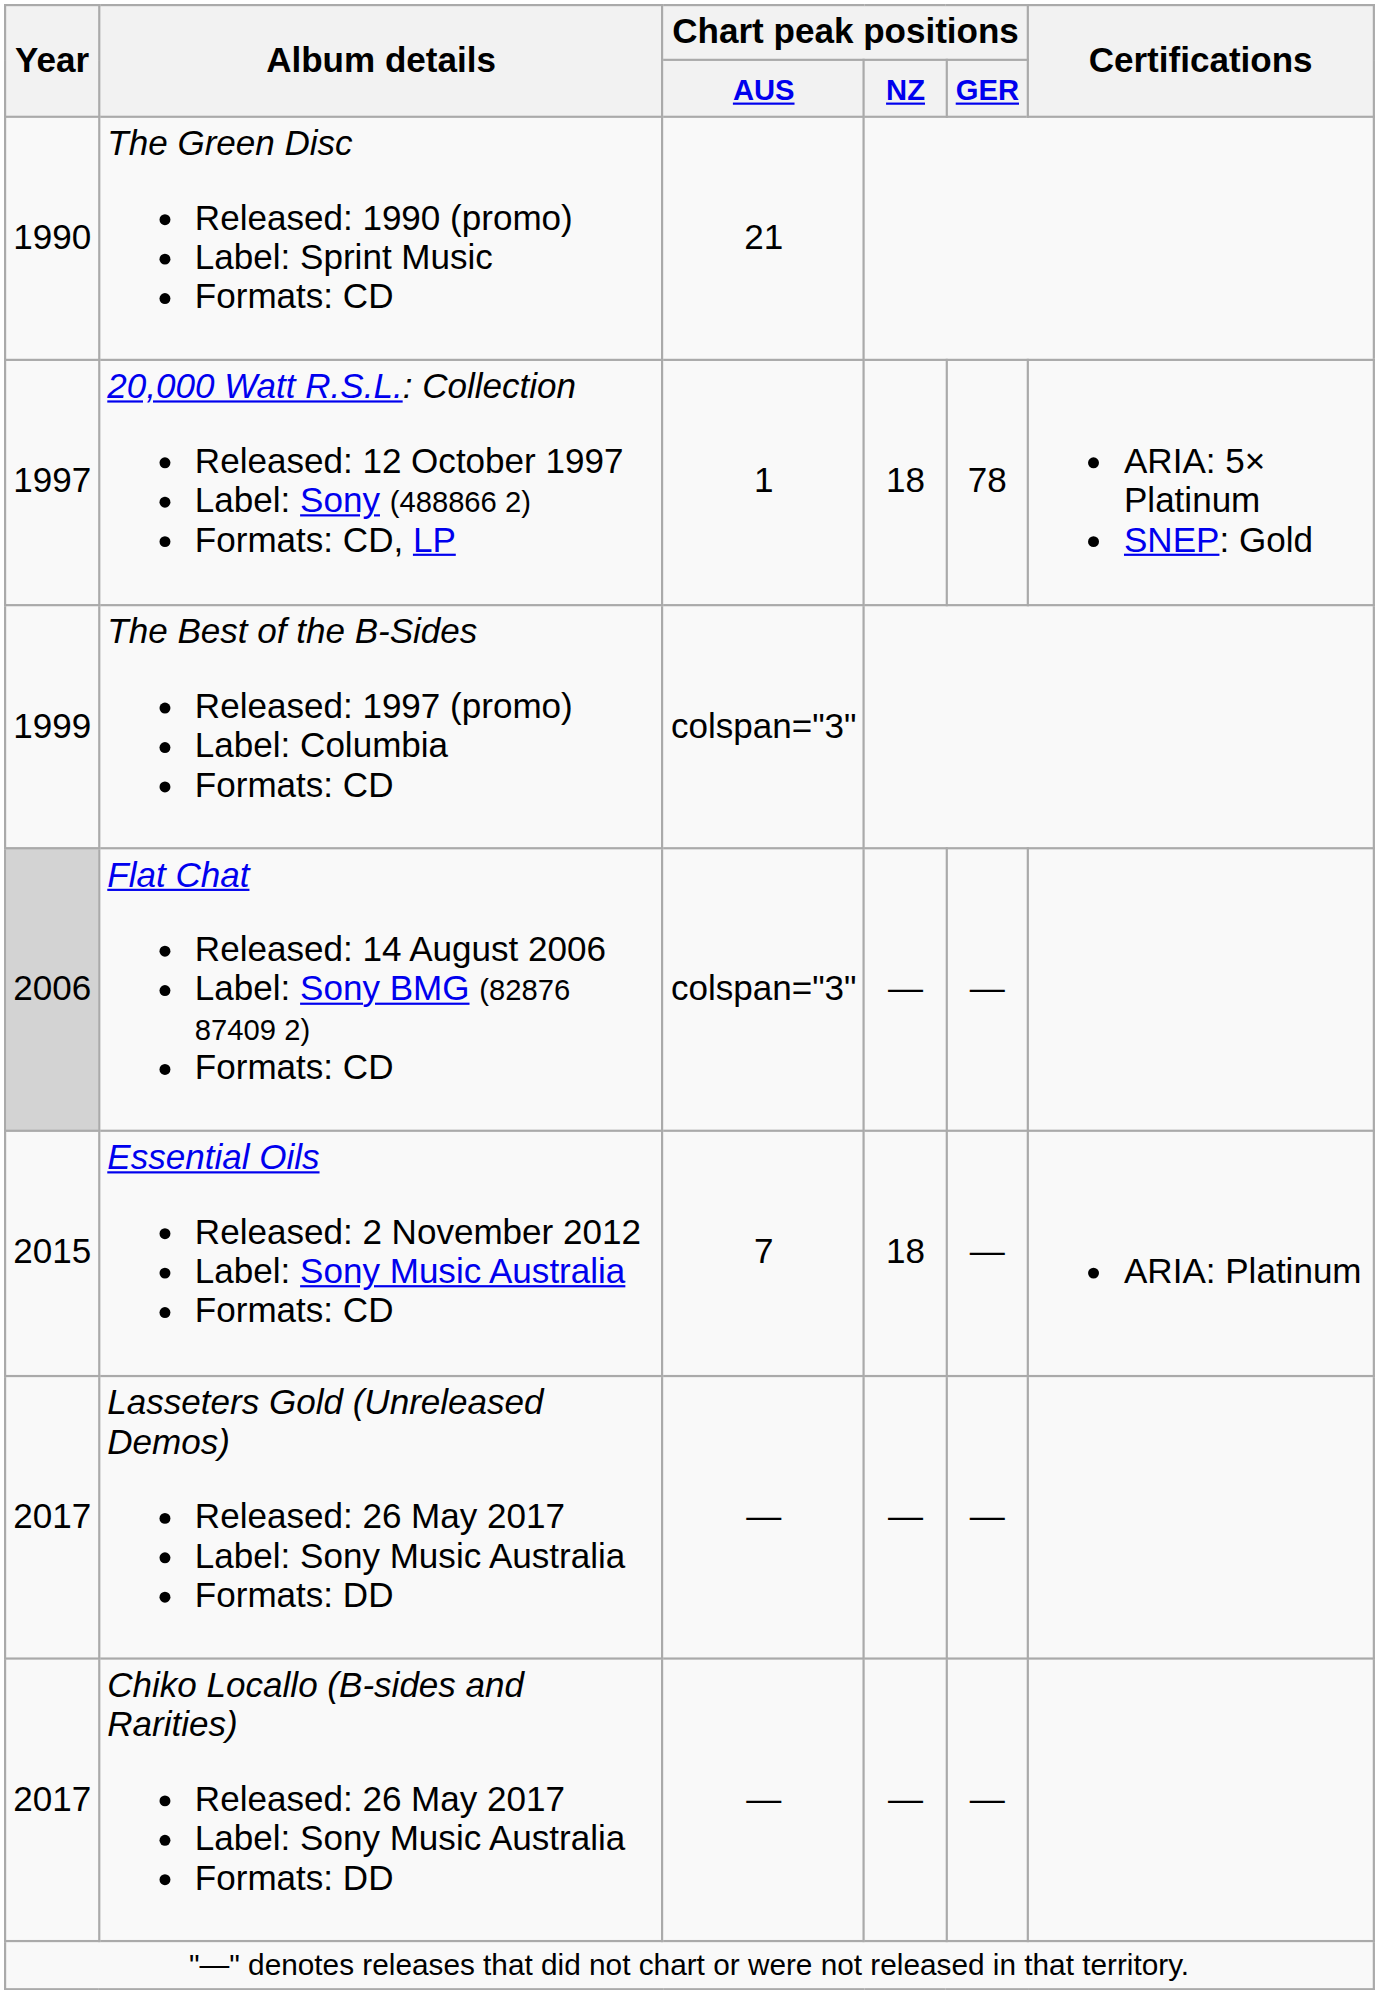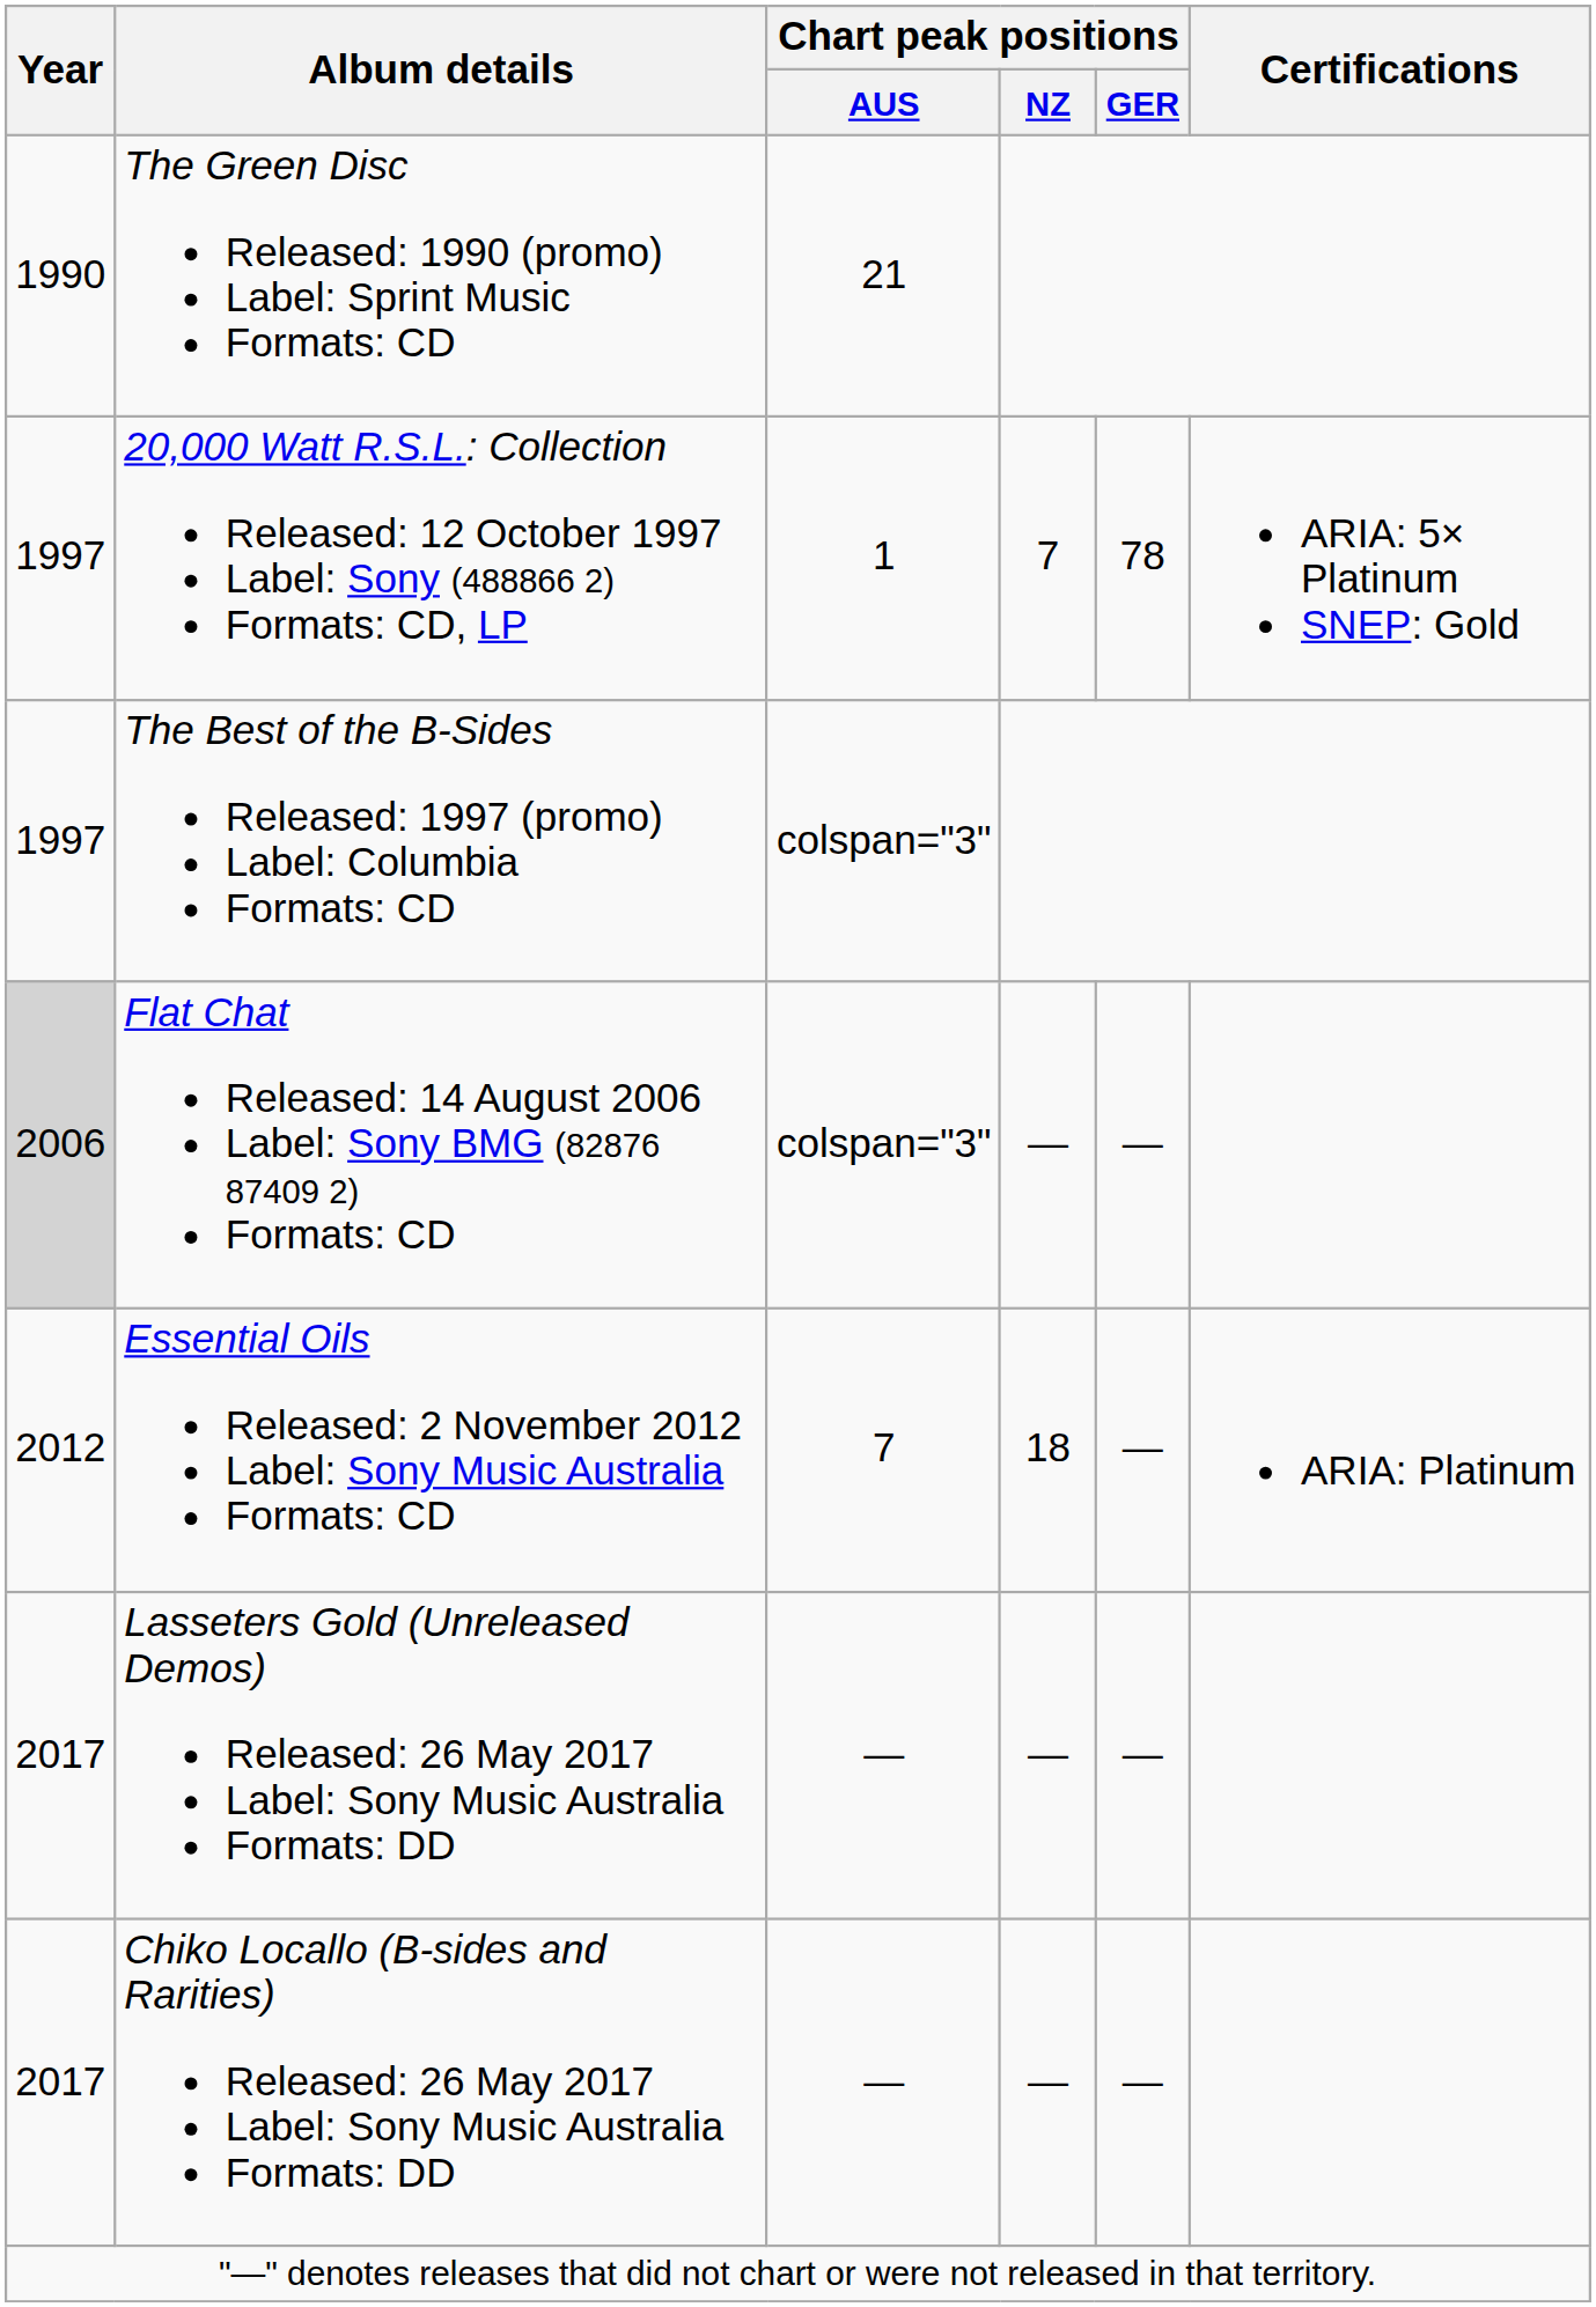 <table class="wikitable" border="1">
 <tr>
 <th rowspan="2" width="35px">Year</th>
 <th width="250px" rowspan="2">Album details</th>
 <th colspan="3">Chart peak positions</th>
 <th rowspan="2" width="150">Certifications</th>
 </tr>
 <tr>
 <th width="30px"><small><a href='#'>AUS</a><br></small></th>
 <th width="30px"><small><a href='#'>NZ</a><br></small></th>
 <th width="30px"><small><a href='#'>GER</a><br></small></th>
 </tr>
 <tr>
 <td align="center">1990</td>
 <td><em>The Green Disc</em><br><ul><li>Released: 1990 (promo)</li><li>Label: Sprint Music</li><li>Formats: CD</li></ul></td>
 <td align="center">21</td>
 </tr>
 <tr>
 <td align="center">1997</td>
 <td><em><a href='#'>20,000 Watt R.S.L.</a>: Collection</em><br><ul><li>Released: 12 October 1997</li><li>Label: <a href='#'>Sony</a> <small>(488866 2)</small></li><li>Formats: CD, <a href='#'>LP</a></li></ul></td>
 <td align="center">1</td>
-<td align="center">18</td>
+<td align="center">7</td>
 <td align="center">78</td>
 <td><br><ul><li>ARIA: 5× Platinum</li><li><a href='#'>SNEP</a>: Gold</li></ul></td>
 </tr>
 <tr>
-<td align="center">1999</td>
+<td align="center">1997</td>
 <td><em>The Best of the B-Sides</em><br><ul><li>Released: 1997 (promo)</li><li>Label: Columbia</li><li>Formats: CD</li></ul></td>
 <td>colspan="3" </td>
 </tr>
 <tr>
 <td align="center" style="background: lightgrey;">2006</td>
 <td><em><a href='#'>Flat Chat</a></em><br><ul><li>Released: 14 August 2006</li><li>Label: <a href='#'>Sony BMG</a> <small>(82876 87409 2)</small></li><li>Formats: CD</li></ul></td>
 <td>colspan="3" </td>
 <td align="center">—</td>
 <td align="center">—</td>
 <td></td>
 </tr>
 <tr>
-<td align="center">2015</td>
+<td align="center">2012</td>
 <td><em><a href='#'>Essential Oils</a></em><br><ul><li>Released: 2 November 2012</li><li>Label: <a href='#'>Sony Music Australia</a></li><li>Formats: CD</li></ul></td>
 <td align="center">7</td>
 <td align="center">18</td>
 <td align="center">—</td>
 <td><br><ul><li>ARIA: Platinum</li></ul></td>
 </tr>
 <tr>
 <td align="center">2017</td>
 <td><em>Lasseters Gold (Unreleased Demos)</em><br><ul><li>Released: 26 May 2017</li><li>Label: Sony Music Australia</li><li>Formats: DD</li></ul></td>
 <td align="center">—</td>
 <td align="center">—</td>
 <td align="center">—</td>
 <td></td>
 </tr>
 <tr>
 <td align="center">2017</td>
 <td><em>Chiko Locallo (B-sides and Rarities)</em><br><ul><li>Released: 26 May 2017</li><li>Label: Sony Music Australia</li><li>Formats: DD</li></ul></td>
 <td align="center">—</td>
 <td align="center">—</td>
 <td align="center">—</td>
 <td></td>
 </tr>
 <tr>
 <td align="center" colspan="6" style="font-size: 85%">"—" denotes releases that did not chart or were not released in that territory.</td>
 </tr>
 </table>
